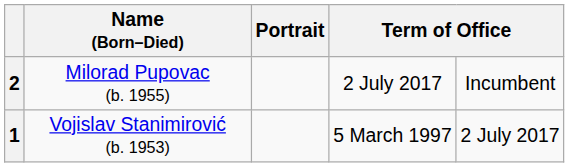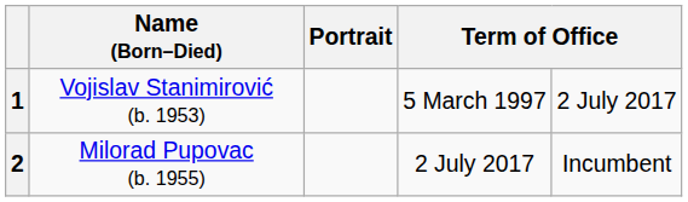 <table class="wikitable" style="text-align:center">
 <tr ->
 <th></th>
 <th width=180>Name<br><small>(Born–Died)</small></th>
 <th>Portrait</th>
 <th colspan=2>Term of Office</th>
 </tr>
 <tr ->
+<th align=center style="background: ">1</th>
+<td><a href='#'>Vojislav Stanimirović</a><br><small>(b. 1953)</small></td>
+<td></td>
+<td>5 March 1997</td>
+<td>2 July 2017</td>
+</tr>
+<tr ->
 <th align=center style="background: ">2</th>
 <td><a href='#'>Milorad Pupovac</a><br><small>(b. 1955)</small></td>
 <td></td>
 <td>2 July 2017</td>
 <td>Incumbent</td>
 </tr>
-<tr ->
-<th align=center style="background: ">1</th>
-<td><a href='#'>Vojislav Stanimirović</a><br><small>(b. 1953)</small></td>
-<td></td>
-<td>5 March 1997</td>
-<td>2 July 2017</td>
-</tr>
 </table>
